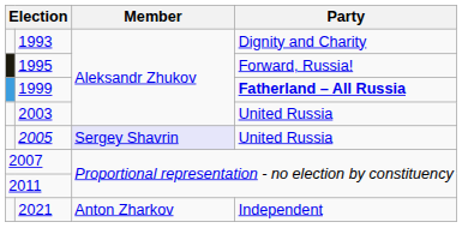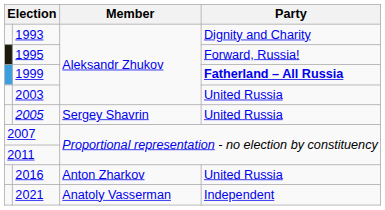 <table class="wikitable">
 <tr>
 <th colspan="2">Election</th>
 <th>Member</th>
 <th>Party</th>
 </tr>
 <tr>
 <td style="background-color:"></td>
 <td><a href='#'>1993</a></td>
 <td rowspan=4><a href='#'>Aleksandr Zhukov</a></td>
 <td><a href='#'>Dignity and Charity</a></td>
 </tr>
 <tr>
 <td style="background-color:#1C1A0D"></td>
 <td><a href='#'>1995</a></td>
 <td><a href='#'>Forward, Russia!</a></td>
 </tr>
 <tr>
 <td style="background-color:#3B9EDF"></td>
 <td><a href='#'>1999</a></td>
 <td><strong><a href='#'>Fatherland – All Russia</a></strong></td>
 </tr>
 <tr>
 <td style="background-color:"></td>
 <td><a href='#'>2003</a></td>
 <td><a href='#'>United Russia</a></td>
 </tr>
 <tr>
 <td style="background-color:"></td>
 <td><em><a href='#'>2005</a></em></td>
-<td style="background: lavender;"><a href='#'>Sergey Shavrin</a></td>
+<td><a href='#'>Sergey Shavrin</a></td>
 <td><a href='#'>United Russia</a></td>
 </tr>
 <tr>
 <td colspan=2><a href='#'>2007</a></td>
 <td colspan=2 rowspan=2><em><a href='#'>Proportional representation</a> - no election by constituency</em></td>
 </tr>
 <tr>
 <td colspan=2><a href='#'>2011</a></td>
 </tr>
 <tr>
 <td style="background-color:"></td>
+<td><a href='#'>2016</a></td>
+<td><a href='#'>Anton Zharkov</a></td>
+<td><a href='#'>United Russia</a></td>
+</tr>
+<tr>
+<td style="background-color:"></td>
 <td><a href='#'>2021</a></td>
-<td><a href='#'>Anton Zharkov</a></td>
+<td><a href='#'>Anatoly Vasserman</a></td>
 <td><a href='#'>Independent</a></td>
 </tr>
 </table>
